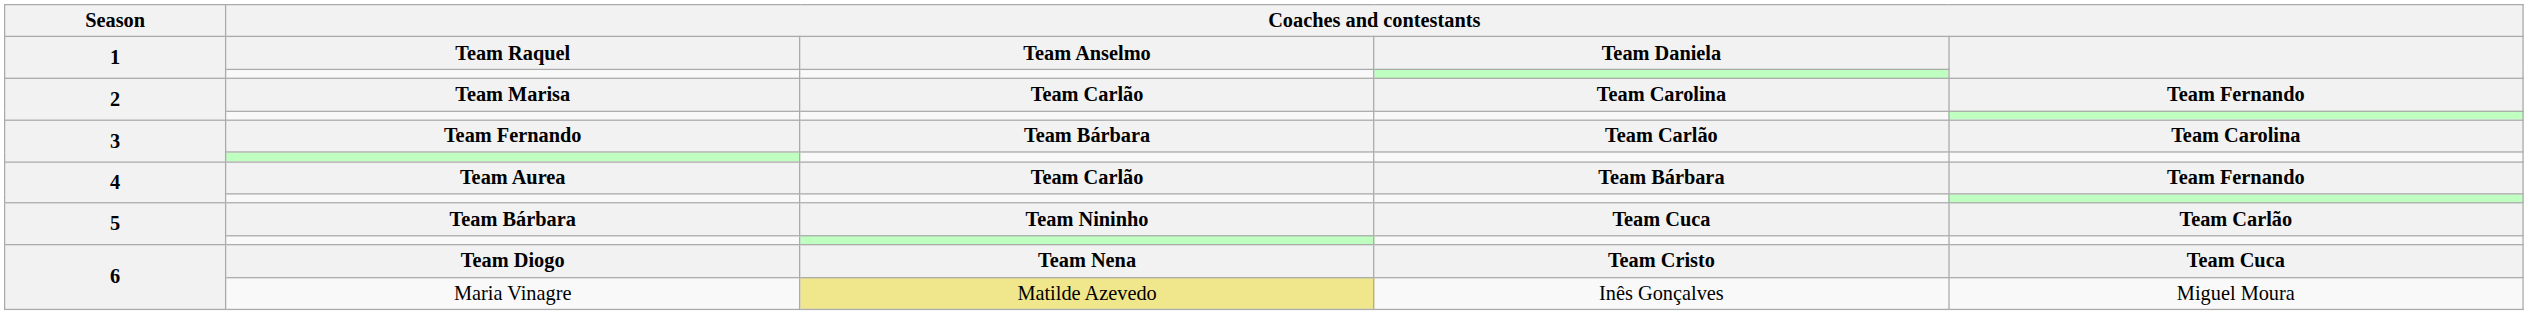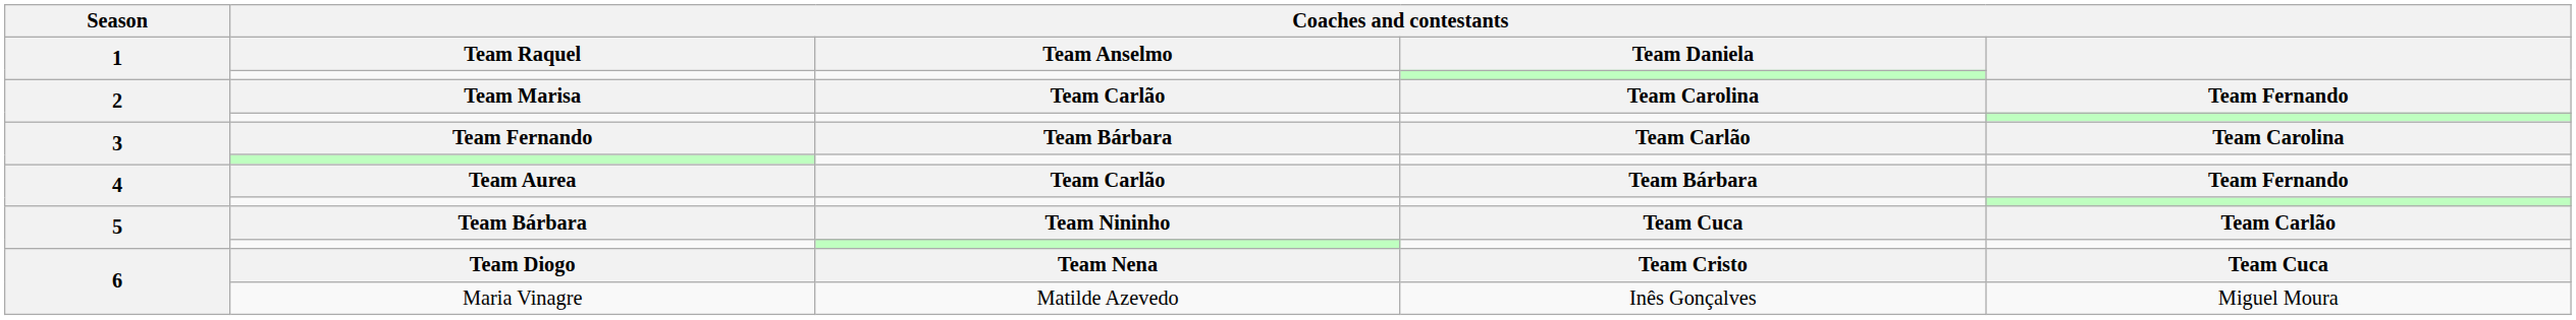 <table class="wikitable nowrap" style="text-align:center; font-size:100%; width:100%">
 <tr>
 <th style="width:5%">Season</th>
 <th colspan="4" style="width:95%">Coaches and contestants</th>
 </tr>
 <tr>
 <th rowspan="2">1</th>
 <th scope="col" style="width:13%">Team Raquel</th>
 <th scope="col" style="width:13%">Team Anselmo</th>
 <th scope="col" style="width:13%">Team Daniela</th>
 <th rowspan="2"></th>
 </tr>
 <tr>
 <td></td>
 <td></td>
 <td style="background:#BFFFC0"></td>
 </tr>
 <tr>
 <th rowspan="2">2</th>
 <th>Team Marisa</th>
 <th>Team Carlão</th>
 <th>Team Carolina</th>
 <th style="width:13%">Team Fernando</th>
 </tr>
 <tr>
 <td></td>
 <td></td>
 <td></td>
 <td style="background:#BFFFC0"></td>
 </tr>
 <tr>
 <th rowspan="2">3</th>
 <th>Team Fernando</th>
 <th>Team Bárbara</th>
 <th>Team Carlão</th>
 <th>Team Carolina</th>
 </tr>
 <tr>
 <td style="background:#BFFFC0"></td>
 <td></td>
 <td></td>
 <td></td>
 </tr>
 <tr>
 <th rowspan="2">4</th>
 <th>Team Aurea</th>
 <th>Team Carlão</th>
 <th>Team Bárbara</th>
 <th>Team Fernando</th>
 </tr>
 <tr>
 <td></td>
 <td></td>
 <td></td>
 <td style="background:#BFFFC0"></td>
 </tr>
 <tr>
 <th rowspan="2">5</th>
 <th>Team Bárbara</th>
 <th>Team Nininho</th>
 <th>Team Cuca</th>
 <th>Team Carlão</th>
 </tr>
 <tr>
 <td></td>
 <td style="background:#BFFFC0"></td>
 <td></td>
 <td></td>
 </tr>
 <tr>
 <th rowspan="2">6</th>
 <th>Team Diogo</th>
 <th>Team Nena</th>
 <th>Team Cristo</th>
 <th>Team Cuca</th>
 </tr>
 <tr>
 <td>Maria Vinagre</td>
-<td style="background: khaki;">Matilde Azevedo</td>
+<td>Matilde Azevedo</td>
 <td>Inês Gonçalves</td>
 <td>Miguel Moura</td>
 </tr>
 </table>
